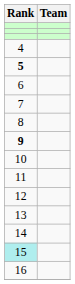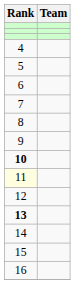 <table class="wikitable">
 <tr>
 <th>Rank</th>
 <th>Team</th>
 </tr>
 <tr bgcolor=#CCFFCC>
 <td align=center></td>
 <td></td>
 </tr>
 <tr bgcolor=#CCFFCC>
 <td align=center></td>
 <td></td>
 </tr>
 <tr bgcolor=#CCFFCC>
 <td align=center></td>
 <td></td>
 </tr>
 <tr>
 <td align=center>4</td>
 <td></td>
 </tr>
 <tr>
-<td align=center><strong>5</strong></td>
+<td align=center>5</td>
 <td></td>
 </tr>
 <tr>
 <td align=center>6</td>
 <td></td>
 </tr>
 <tr>
 <td align=center>7</td>
 <td></td>
 </tr>
 <tr>
 <td align=center>8</td>
 <td></td>
 </tr>
 <tr>
-<td align=center><strong>9</strong></td>
+<td align=center>9</td>
 <td></td>
 </tr>
 <tr>
-<td align=center>10</td>
+<td align=center><strong>10</strong></td>
 <td></td>
 </tr>
 <tr>
-<td align=center>11</td>
+<td align=center style="background: lightyellow;">11</td>
 <td></td>
 </tr>
 <tr>
 <td align=center>12</td>
 <td></td>
 </tr>
 <tr>
-<td align=center>13</td>
+<td align=center><strong>13</strong></td>
 <td></td>
 </tr>
 <tr>
 <td align=center>14</td>
 <td></td>
 </tr>
 <tr>
-<td align=center style="background: paleturquoise;">15</td>
+<td align=center>15</td>
 <td></td>
 </tr>
 <tr>
 <td align=center>16</td>
 <td></td>
 </tr>
 <tr>
 </tr>
 </table>
